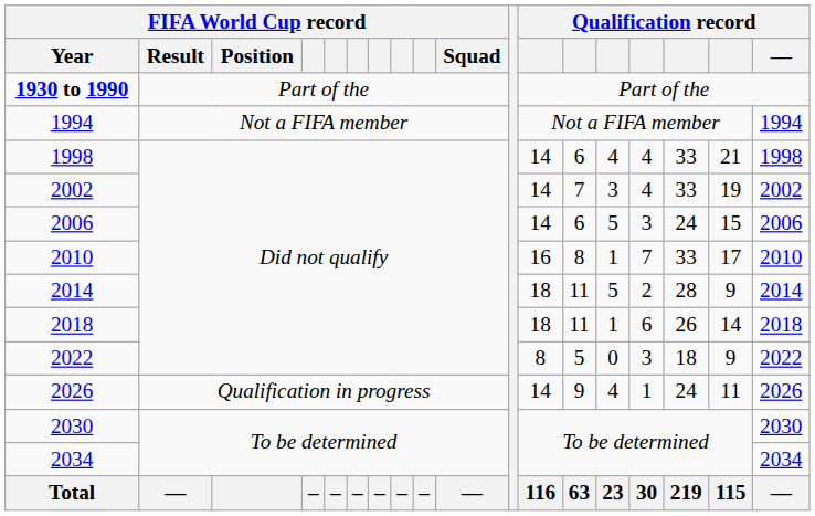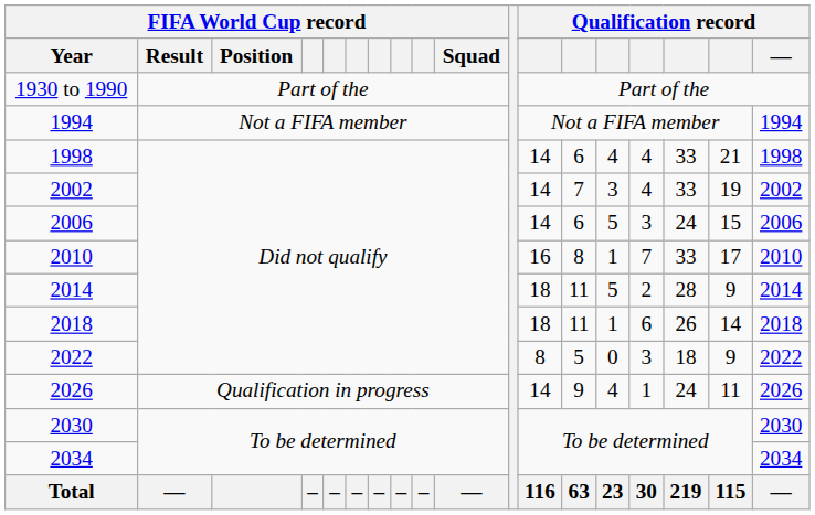 <table class="wikitable" style="text-align: center;">
 <tr>
 <th colspan=10><a href='#'>FIFA World Cup</a> record</th>
 <th width=1% rowspan=15></th>
 <th colspan=7><a href='#'>Qualification</a> record</th>
 </tr>
 <tr>
 <th>Year</th>
 <th>Result</th>
 <th>Position</th>
 <th></th>
 <th></th>
 <th></th>
 <th></th>
 <th></th>
 <th></th>
 <th>Squad</th>
 <th></th>
 <th></th>
 <th></th>
 <th></th>
 <th></th>
 <th></th>
 <th>—</th>
 </tr>
 <tr>
-<td><strong><a href='#'>1930</a> to <a href='#'>1990</a></strong></td>
+<td><a href='#'>1930</a> to <a href='#'>1990</a></td>
 <td colspan=9><em>Part of the </em></td>
 <td colspan=7><em>Part of the </em></td>
 </tr>
 <tr>
 <td> <a href='#'>1994</a></td>
 <td colspan=9><em>Not a FIFA member</em></td>
 <td colspan=6><em>Not a FIFA member</em></td>
 <td><a href='#'>1994</a></td>
 </tr>
 <tr>
 <td> <a href='#'>1998</a></td>
 <td colspan=9 rowspan=7><em>Did not qualify</em></td>
 <td>14</td>
 <td>6</td>
 <td>4</td>
 <td>4</td>
 <td>33</td>
 <td>21</td>
 <td><a href='#'>1998</a></td>
 </tr>
 <tr>
 <td>  <a href='#'>2002</a></td>
 <td>14</td>
 <td>7</td>
 <td>3</td>
 <td>4</td>
 <td>33</td>
 <td>19</td>
 <td><a href='#'>2002</a></td>
 </tr>
 <tr>
 <td> <a href='#'>2006</a></td>
 <td>14</td>
 <td>6</td>
 <td>5</td>
 <td>3</td>
 <td>24</td>
 <td>15</td>
 <td><a href='#'>2006</a></td>
 </tr>
 <tr>
 <td> <a href='#'>2010</a></td>
 <td>16</td>
 <td>8</td>
 <td>1</td>
 <td>7</td>
 <td>33</td>
 <td>17</td>
 <td><a href='#'>2010</a></td>
 </tr>
 <tr>
 <td> <a href='#'>2014</a></td>
 <td>18</td>
 <td>11</td>
 <td>5</td>
 <td>2</td>
 <td>28</td>
 <td>9</td>
 <td><a href='#'>2014</a></td>
 </tr>
 <tr>
 <td> <a href='#'>2018</a></td>
 <td>18</td>
 <td>11</td>
 <td>1</td>
 <td>6</td>
 <td>26</td>
 <td>14</td>
 <td><a href='#'>2018</a></td>
 </tr>
 <tr>
 <td> <a href='#'>2022</a></td>
 <td>8</td>
 <td>5</td>
 <td>0</td>
 <td>3</td>
 <td>18</td>
 <td>9</td>
 <td><a href='#'>2022</a></td>
 </tr>
 <tr>
 <td>   <a href='#'>2026</a></td>
 <td colspan=9><em>Qualification in progress</em></td>
 <td>14</td>
 <td>9</td>
 <td>4</td>
 <td>1</td>
 <td>24</td>
 <td>11</td>
 <td><a href='#'>2026</a></td>
 </tr>
 <tr>
 <td>   <a href='#'>2030</a></td>
 <td colspan=9 rowspan=2><em>To be determined</em></td>
 <td colspan=6 rowspan=2><em>To be determined</em></td>
 <td><a href='#'>2030</a></td>
 </tr>
 <tr>
 <td> <a href='#'>2034</a></td>
 <td><a href='#'>2034</a></td>
 </tr>
 <tr>
 <th>Total</th>
 <th>—</th>
 <th></th>
 <th>–</th>
 <th>–</th>
 <th>–</th>
 <th>–</th>
 <th>–</th>
 <th>–</th>
 <th>—</th>
 <th>116</th>
 <th>63</th>
 <th>23</th>
 <th>30</th>
 <th>219</th>
 <th>115</th>
 <th>—</th>
 </tr>
 </table>
